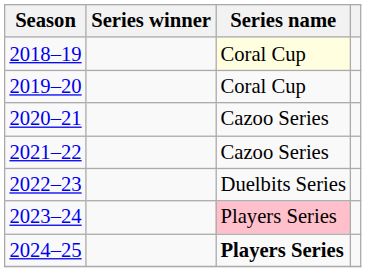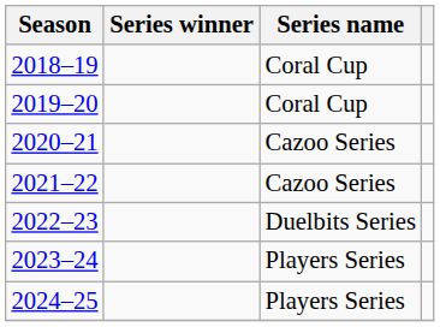 <table class="wikitable sortable">
 <tr>
 <th scope="col">Season</th>
 <th scope="col">Series winner</th>
 <th scope="col">Series name</th>
 <th scope="col" class="unsortable"></th>
 </tr>
 <tr>
 <td scope="row"><a href='#'>2018–19</a></td>
 <td></td>
-<td style="background: lightyellow;">Coral Cup</td>
+<td>Coral Cup</td>
 <td></td>
 </tr>
 <tr>
 <td scope="row"><a href='#'>2019–20</a></td>
 <td></td>
 <td>Coral Cup</td>
 <td></td>
 </tr>
 <tr>
 <td scope="row"><a href='#'>2020–21</a></td>
 <td></td>
 <td>Cazoo Series</td>
 <td></td>
 </tr>
 <tr>
 <td scope="row"><a href='#'>2021–22</a></td>
 <td></td>
 <td>Cazoo Series</td>
 <td></td>
 </tr>
 <tr>
 <td scope="row"><a href='#'>2022–23</a></td>
 <td></td>
 <td>Duelbits Series</td>
 <td></td>
 </tr>
 <tr>
 <td scope="row"><a href='#'>2023–24</a></td>
 <td></td>
-<td style="background: pink;">Players Series</td>
+<td>Players Series</td>
 <td></td>
 </tr>
 <tr>
 <td scope="row"><a href='#'>2024–25</a></td>
 <td></td>
-<td><strong>Players Series</strong></td>
+<td>Players Series</td>
 <td></td>
 </tr>
 <tr>
 </tr>
 </table>
